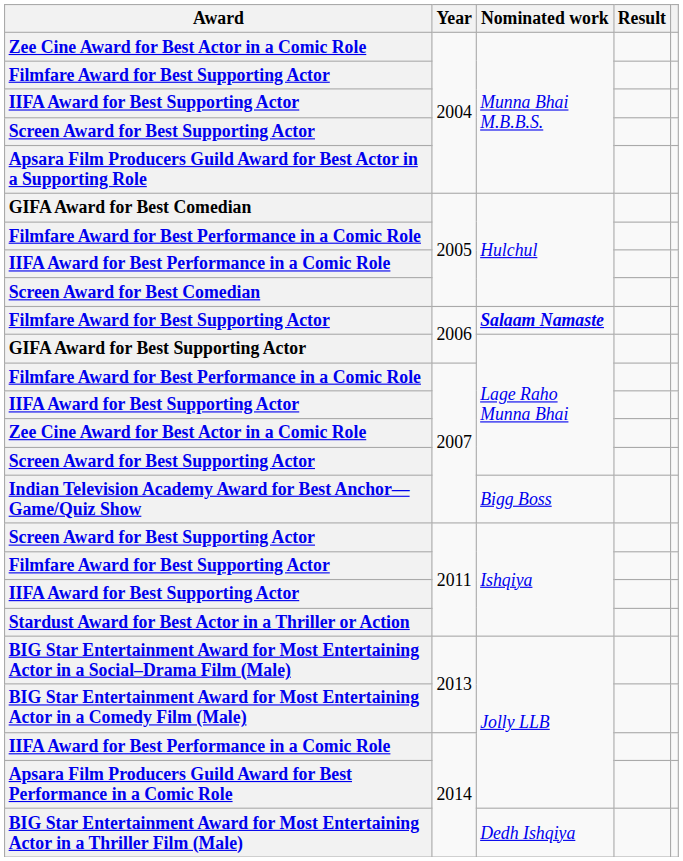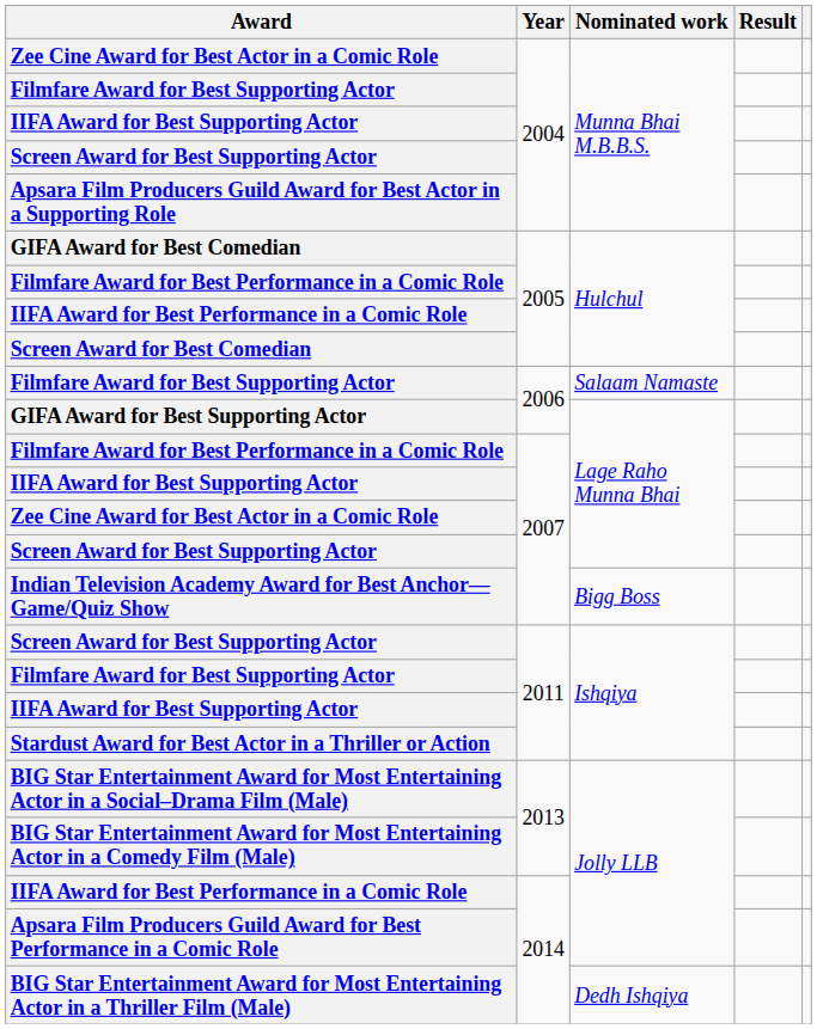 <table class="wikitable plainrowheaders">
 <tr>
 <th scope="col">Award</th>
 <th scope="col">Year</th>
 <th scope="col">Nominated work</th>
 <th scope="col">Result</th>
 <th scope="col" class="unsortable"></th>
 </tr>
 <tr>
 <th scope="row" style="text-align:left;"><a href='#'>Zee Cine Award for Best Actor in a Comic Role</a></th>
 <td rowspan="5" style="text-align:center;">2004</td>
 <td rowspan="5"><em><a href='#'>Munna Bhai M.B.B.S.</a></em></td>
 <td></td>
 <td style="text-align:center;"></td>
 </tr>
 <tr>
 <th scope="row" style="text-align:left;"><a href='#'>Filmfare Award for Best Supporting Actor</a></th>
 <td></td>
 <td style="text-align:center;"></td>
 </tr>
 <tr>
 <th scope="row" style="text-align:left;"><a href='#'>IIFA Award for Best Supporting Actor</a></th>
 <td></td>
 <td style="text-align:center;"></td>
 </tr>
 <tr>
 <th scope="row" style="text-align:left;"><a href='#'>Screen Award for Best Supporting Actor</a></th>
 <td></td>
 <td style="text-align:center;"></td>
 </tr>
 <tr>
 <th scope="row" style="text-align:left;"><a href='#'>Apsara Film Producers Guild Award for Best Actor in a Supporting Role</a></th>
 <td></td>
 <td style="text-align:center;"></td>
 </tr>
 <tr>
 <th scope="row" style="text-align:left;">GIFA Award for Best Comedian</th>
 <td rowspan="4" style="text-align:center;">2005</td>
 <td rowspan="4"><em><a href='#'>Hulchul</a></em></td>
 <td></td>
 <td style="text-align:center;"></td>
 </tr>
 <tr>
 <th scope="row" style="text-align:left;"><a href='#'>Filmfare Award for Best Performance in a Comic Role</a></th>
 <td></td>
 <td style="text-align:center;"></td>
 </tr>
 <tr>
 <th scope="row" style="text-align:left;"><a href='#'>IIFA Award for Best Performance in a Comic Role</a></th>
 <td></td>
 <td style="text-align:center;"></td>
 </tr>
 <tr>
 <th scope="row" style="text-align:left;"><a href='#'>Screen Award for Best Comedian</a></th>
 <td></td>
 <td style="text-align:center;"></td>
 </tr>
 <tr>
 <th scope="row" style="text-align:left;"><a href='#'>Filmfare Award for Best Supporting Actor</a></th>
 <td rowspan="2" style="text-align:center;">2006</td>
-<td><strong><em><a href='#'>Salaam Namaste</a></em></strong></td>
+<td><em><a href='#'>Salaam Namaste</a></em></td>
 <td></td>
 <td style="text-align:center;"></td>
 </tr>
 <tr>
 <th scope="row" style="text-align:left;">GIFA Award for Best Supporting Actor</th>
 <td rowspan="5"><em><a href='#'>Lage Raho Munna Bhai</a></em></td>
 <td></td>
 <td style="text-align:center;"></td>
 </tr>
 <tr>
 <th scope="row" style="text-align:left;"><a href='#'>Filmfare Award for Best Performance in a Comic Role</a></th>
 <td rowspan="5" style="text-align:center;">2007</td>
 <td></td>
 <td style="text-align:center;"></td>
 </tr>
 <tr>
 <th scope="row" style="text-align:left;"><a href='#'>IIFA Award for Best Supporting Actor</a></th>
 <td></td>
 <td style="text-align:center;"></td>
 </tr>
 <tr>
 <th scope="row" style="text-align:left;"><a href='#'>Zee Cine Award for Best Actor in a Comic Role</a></th>
 <td></td>
 <td style="text-align:center;"></td>
 </tr>
 <tr>
 <th scope="row" style="text-align:left;"><a href='#'>Screen Award for Best Supporting Actor</a></th>
 <td></td>
 <td style="text-align:center;"></td>
 </tr>
 <tr>
 <th scope="row" style="text-align:left;"><a href='#'>Indian Television Academy Award for Best Anchor—Game/Quiz Show</a></th>
 <td><a href='#'><em>Bigg Boss</em></a></td>
 <td></td>
 <td style="text-align:center;"></td>
 </tr>
 <tr>
 <th scope="row" style="text-align:left;"><a href='#'>Screen Award for Best Supporting Actor</a></th>
 <td rowspan="4" style="text-align:center;">2011</td>
 <td rowspan="4"><em><a href='#'>Ishqiya</a></em></td>
 <td></td>
 <td style="text-align:center;"></td>
 </tr>
 <tr>
 <th scope="row" style="text-align:left;"><a href='#'>Filmfare Award for Best Supporting Actor</a></th>
 <td></td>
 <td style="text-align:center;"></td>
 </tr>
 <tr>
 <th scope="row" style="text-align:left;"><a href='#'>IIFA Award for Best Supporting Actor</a></th>
 <td></td>
 <td style="text-align:center;"></td>
 </tr>
 <tr>
 <th scope="row" style="text-align:left;"><a href='#'>Stardust Award for Best Actor in a Thriller or Action</a></th>
 <td></td>
 <td style="text-align:center;"></td>
 </tr>
 <tr>
 <th scope="row" style="text-align:left;"><a href='#'>BIG Star Entertainment Award for Most Entertaining Actor in a Social–Drama Film (Male)</a></th>
 <td rowspan="2" style="text-align:center;">2013</td>
 <td rowspan="4"><em><a href='#'>Jolly LLB</a></em></td>
 <td></td>
 <td style="text-align:center;"></td>
 </tr>
 <tr>
 <th scope="row" style="text-align:left;"><a href='#'>BIG Star Entertainment Award for Most Entertaining Actor in a Comedy Film (Male)</a></th>
 <td></td>
 <td style="text-align:center;"></td>
 </tr>
 <tr>
 <th scope="row" style="text-align:left;"><a href='#'>IIFA Award for Best Performance in a Comic Role</a></th>
 <td rowspan="3" style="text-align:center;">2014</td>
 <td></td>
 <td style="text-align:center;"></td>
 </tr>
 <tr>
 <th scope="row" style="text-align:left;"><a href='#'>Apsara Film Producers Guild Award for Best Performance in a Comic Role</a></th>
 <td></td>
 <td style="text-align:center;"></td>
 </tr>
 <tr>
 <th scope="row" style="text-align:left;"><a href='#'>BIG Star Entertainment Award for Most Entertaining Actor in a Thriller Film (Male)</a></th>
 <td><em><a href='#'>Dedh Ishqiya</a></em></td>
 <td></td>
 <td style="text-align:center;"></td>
 </tr>
 </table>
